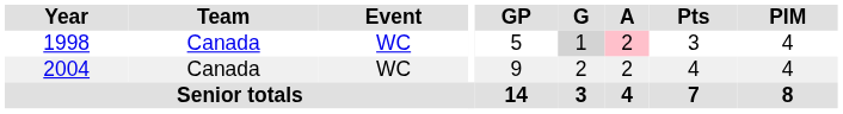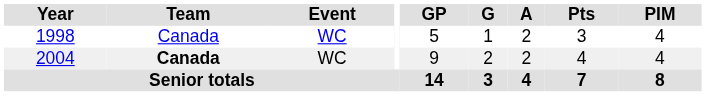 <table border="0" cellpadding="1" cellspacing="0" ID="Table3" style="text-align:center; width:40em">
 <tr bgcolor="#e0e0e0">
 <th>Year</th>
 <th>Team</th>
 <th>Event</th>
 <th rowspan="102" bgcolor="#ffffff"></th>
 <th>GP</th>
 <th>G</th>
 <th>A</th>
 <th>Pts</th>
 <th>PIM</th>
 </tr>
 <tr>
 <td><a href='#'>1998</a></td>
 <td><a href='#'>Canada</a></td>
 <td><a href='#'>WC</a></td>
 <td>5</td>
-<td style="background: lightgrey;">1</td>
-<td style="background: pink;">2</td>
+<td>1</td>
+<td>2</td>
 <td>3</td>
 <td>4</td>
 </tr>
 <tr bgcolor="#f0f0f0">
 <td><a href='#'>2004</a></td>
-<td>Canada</td>
+<td><strong>Canada</strong></td>
 <td>WC</td>
 <td>9</td>
 <td>2</td>
 <td>2</td>
 <td>4</td>
 <td>4</td>
 </tr>
 <tr bgcolor="#e0e0e0">
 <th colspan="4">Senior totals</th>
 <th>14</th>
 <th>3</th>
 <th>4</th>
 <th>7</th>
 <th>8</th>
 </tr>
 </table>
